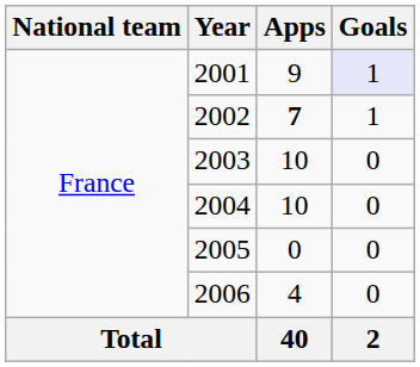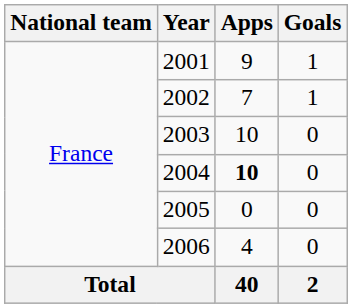 <table class="wikitable" style="text-align:center">
 <tr>
 <th>National team</th>
 <th>Year</th>
 <th>Apps</th>
 <th>Goals</th>
 </tr>
 <tr>
 <td rowspan="6"><a href='#'>France</a></td>
 <td>2001</td>
 <td>9</td>
-<td style="background: lavender;">1</td>
+<td>1</td>
 </tr>
 <tr>
 <td>2002</td>
-<td><strong>7</strong></td>
+<td>7</td>
 <td>1</td>
 </tr>
 <tr>
 <td>2003</td>
 <td>10</td>
 <td>0</td>
 </tr>
 <tr>
 <td>2004</td>
-<td>10</td>
+<td><strong>10</strong></td>
 <td>0</td>
 </tr>
 <tr>
 <td>2005</td>
 <td>0</td>
 <td>0</td>
 </tr>
 <tr>
 <td>2006</td>
 <td>4</td>
 <td>0</td>
 </tr>
 <tr>
 <th colspan="2">Total</th>
 <th>40</th>
 <th>2</th>
 </tr>
 </table>
